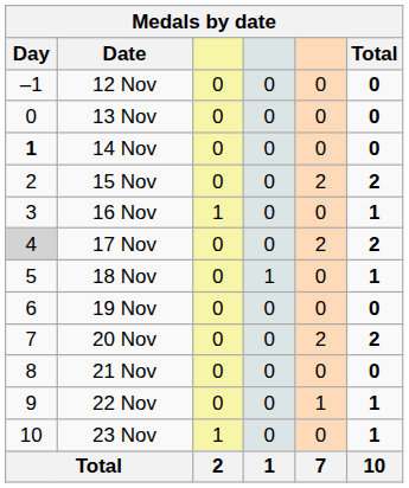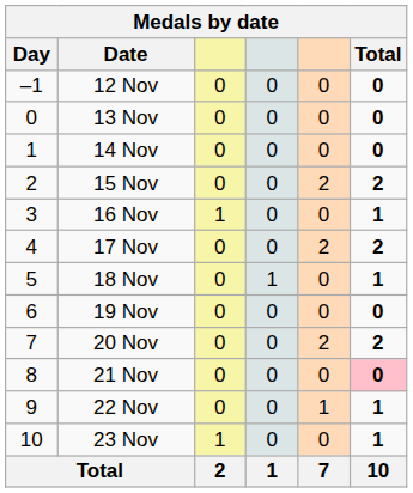 <table class="wikitable" style="font-size:90%; text-align:center;">
 <tr style="background:#efefef;">
 <th colspan=6><strong>Medals by date</strong></th>
 </tr>
 <tr>
 <th width=30><strong>Day</strong></th>
 <th width=90><strong>Date</strong></th>
 <th width=30 style="background:#F7F6A8;"></th>
 <th width=30 style="background:#DCE5E5;"></th>
 <th width=30 style="background:#FFDAB9;"></th>
 <th width=30><strong>Total</strong></th>
 </tr>
 <tr>
 <td>–1</td>
 <td>12 Nov</td>
 <td style="background:#F7F6A8;">0</td>
 <td style="background:#DCE5E5;">0</td>
 <td style="background:#FFDAB9;">0</td>
 <td><strong>0</strong></td>
 </tr>
 <tr>
 <td>0</td>
 <td>13 Nov</td>
 <td style="background:#F7F6A8;">0</td>
 <td style="background:#DCE5E5;">0</td>
 <td style="background:#FFDAB9;">0</td>
 <td><strong>0</strong></td>
 </tr>
 <tr>
-<td><strong>1</strong></td>
+<td>1</td>
 <td>14 Nov</td>
 <td style="background:#F7F6A8;">0</td>
 <td style="background:#DCE5E5;">0</td>
 <td style="background:#FFDAB9;">0</td>
 <td><strong>0</strong></td>
 </tr>
 <tr>
 <td>2</td>
 <td>15 Nov</td>
 <td style="background:#F7F6A8;">0</td>
 <td style="background:#DCE5E5;">0</td>
 <td style="background:#FFDAB9;">2</td>
 <td><strong>2</strong></td>
 </tr>
 <tr>
 <td>3</td>
 <td>16 Nov</td>
 <td style="background:#F7F6A8;">1</td>
 <td style="background:#DCE5E5;">0</td>
 <td style="background:#FFDAB9;">0</td>
 <td><strong>1</strong></td>
 </tr>
 <tr>
-<td style="background: lightgrey;">4</td>
+<td>4</td>
 <td>17 Nov</td>
 <td style="background:#F7F6A8;">0</td>
 <td style="background:#DCE5E5;">0</td>
 <td style="background:#FFDAB9;">2</td>
 <td><strong>2</strong></td>
 </tr>
 <tr>
 <td>5</td>
 <td>18 Nov</td>
 <td style="background:#F7F6A8;">0</td>
 <td style="background:#DCE5E5;">1</td>
 <td style="background:#FFDAB9;">0</td>
 <td><strong>1</strong></td>
 </tr>
 <tr>
 <td>6</td>
 <td>19 Nov</td>
 <td style="background:#F7F6A8;">0</td>
 <td style="background:#DCE5E5;">0</td>
 <td style="background:#FFDAB9;">0</td>
 <td><strong>0</strong></td>
 </tr>
 <tr>
 <td>7</td>
 <td>20 Nov</td>
 <td style="background:#F7F6A8;">0</td>
 <td style="background:#DCE5E5;">0</td>
 <td style="background:#FFDAB9;">2</td>
 <td><strong>2</strong></td>
 </tr>
 <tr>
 <td>8</td>
 <td>21 Nov</td>
 <td style="background:#F7F6A8;">0</td>
 <td style="background:#DCE5E5;">0</td>
 <td style="background:#FFDAB9;">0</td>
-<td><strong>0</strong></td>
+<td style="background: pink;"><strong>0</strong></td>
 </tr>
 <tr>
 <td>9</td>
 <td>22 Nov</td>
 <td style="background:#F7F6A8;">0</td>
 <td style="background:#DCE5E5;">0</td>
 <td style="background:#FFDAB9;">1</td>
 <td><strong>1</strong></td>
 </tr>
 <tr>
 <td>10</td>
 <td>23 Nov</td>
 <td style="background:#F7F6A8;">1</td>
 <td style="background:#DCE5E5;">0</td>
 <td style="background:#FFDAB9;">0</td>
 <td><strong>1</strong></td>
 </tr>
 <tr>
 <th colspan="2"><strong>Total</strong></th>
 <th><strong>2</strong></th>
 <th><strong>1</strong></th>
 <th><strong>7</strong></th>
 <th><strong>10</strong></th>
 </tr>
 </table>
